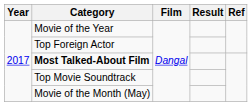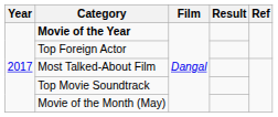 <table class="wikitable">
 <tr>
 <th>Year</th>
 <th>Category</th>
 <th>Film</th>
 <th>Result</th>
 <th>Ref</th>
 </tr>
 <tr>
 <td rowspan="5"><a href='#'>2017</a></td>
-<td>Movie of the Year</td>
+<td><strong>Movie of the Year</strong></td>
 <td rowspan="5"><em><a href='#'>Dangal</a></em></td>
 <td></td>
 <td rowspan="2"></td>
 </tr>
 <tr>
 <td>Top Foreign Actor</td>
 <td></td>
 </tr>
 <tr>
-<td><strong>Most Talked-About Film</strong></td>
+<td>Most Talked-About Film</td>
 <td></td>
 <td rowspan="3" style="text-align:center;"></td>
 </tr>
 <tr>
 <td>Top Movie Soundtrack</td>
 <td></td>
 </tr>
 <tr>
 <td>Movie of the Month (May)</td>
 <td></td>
 </tr>
 </table>
